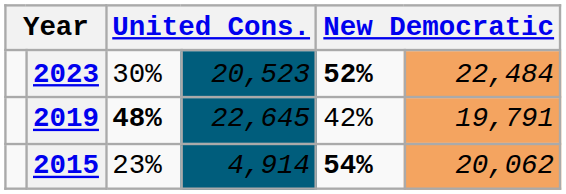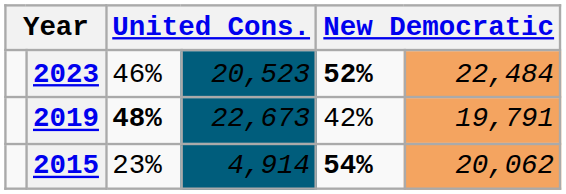 <table class="wikitable" style="float:right; width:400; font-size:90%; margin-left:1em;">
 <tr>
 <th colspan="2" scope="col">Year</th>
 <th colspan="2" scope="col"><a href='#'>United Cons.</a></th>
 <th colspan="2" scope="col"><a href='#'>New Democratic</a></th>
 </tr>
 <tr>
 <td style="width: 0.25em; background-color: "></td>
 <th><a href='#'>2023</a></th>
-<td><span>30%</span></td>
+<td><span>46%</span></td>
 <td style="text-align:right; background:#005D7C;"><span><em>20,523</em></span></td>
 <td><strong>52%</strong></td>
 <td style="text-align:right; background:#F4A460;"><em>22,484</em></td>
 </tr>
 <tr>
 <td style="width: 0.25em; background-color: "></td>
 <th><a href='#'>2019</a></th>
 <td><span><strong>48%</strong></span></td>
-<td style="text-align:right; background:#005D7C;"><span><em>22,645</em></span></td>
+<td style="text-align:right; background:#005D7C;"><span><em>22,673</em></span></td>
 <td>42%</td>
 <td style="text-align:right; background:#F4A460;"><em>19,791</em></td>
 </tr>
 <tr>
 <td style="width: 0.25em; background-color: "></td>
 <th><a href='#'>2015</a></th>
 <td><span>23%</span></td>
 <td style="text-align:right; background:#005D7C;"><span><em>4,914</em></span></td>
 <td><strong>54%</strong></td>
 <td style="text-align:right; background:#F4A460;"><em>20,062</em></td>
 </tr>
 </table>
